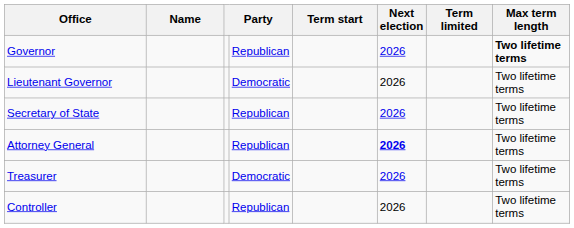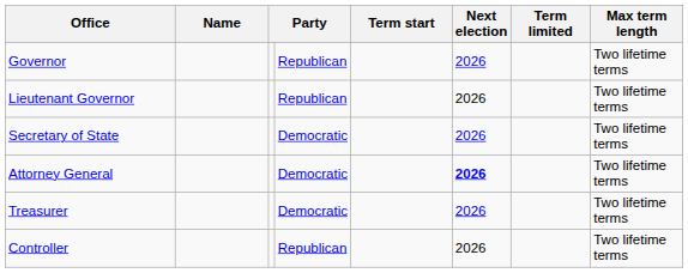 <table class="sortable wikitable">
 <tr>
 <th scope="col" width=190>Office</th>
 <th scope="col" width=100>Name</th>
 <th scope="col" width=75 colspan=2>Party</th>
 <th scope="col" width=110>Term start</th>
 <th scope="col" width=50>Next election</th>
 <th scope="col" width=85>Term limited</th>
 <th scope="col" width=100>Max term length</th>
 </tr>
 <tr>
 <td><a href='#'>Governor</a></td>
 <td></td>
 <td style="background-color:"></td>
 <td><a href='#'>Republican</a></td>
 <td></td>
 <td><a href='#'>2026</a></td>
 <td></td>
-<td><strong>Two lifetime terms</strong></td>
+<td>Two lifetime terms</td>
 </tr>
 <tr>
 <td><a href='#'>Lieutenant Governor</a></td>
 <td></td>
 <td style="background-color:"></td>
-<td><a href='#'>Democratic</a></td>
+<td><a href='#'>Republican</a></td>
 <td></td>
 <td>2026</td>
 <td></td>
 <td>Two lifetime terms</td>
 </tr>
 <tr>
 <td><a href='#'>Secretary of State</a></td>
 <td></td>
 <td style="background-color:"></td>
-<td><a href='#'>Republican</a></td>
+<td><a href='#'>Democratic</a></td>
 <td></td>
 <td><a href='#'>2026</a></td>
 <td></td>
 <td>Two lifetime terms</td>
 </tr>
 <tr>
 <td><a href='#'>Attorney General</a></td>
 <td></td>
 <td style="background-color:"></td>
-<td><a href='#'>Republican</a></td>
+<td><a href='#'>Democratic</a></td>
 <td></td>
 <td><strong><a href='#'>2026</a></strong></td>
 <td></td>
 <td>Two lifetime terms</td>
 </tr>
 <tr>
 <td><a href='#'>Treasurer</a></td>
 <td></td>
 <td style="background-color:"></td>
 <td><a href='#'>Democratic</a></td>
 <td></td>
 <td><a href='#'>2026</a></td>
 <td></td>
 <td>Two lifetime terms</td>
 </tr>
 <tr>
 <td><a href='#'>Controller</a></td>
 <td></td>
 <td style="background-color:"></td>
 <td><a href='#'>Republican</a></td>
 <td></td>
 <td>2026</td>
 <td></td>
 <td>Two lifetime terms</td>
 </tr>
 </table>
